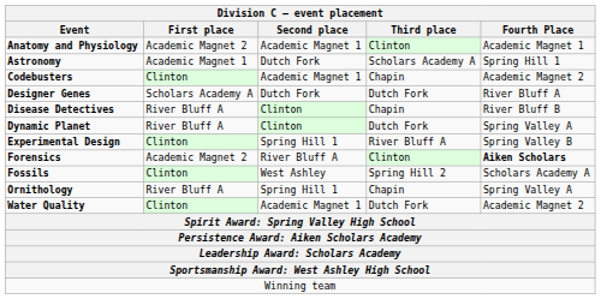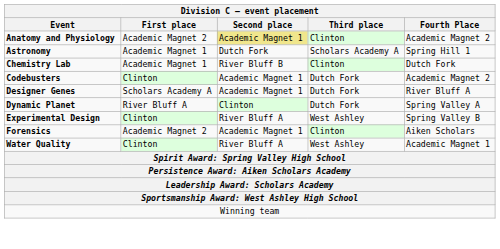 <table class="wikitable collapsible collapsed" style="float:left; width:780px">
 <tr>
 <th colspan=5>Division C – event placement</th>
 </tr>
 <tr>
 <th>Event</th>
 <th>First place</th>
 <th>Second place</th>
 <th>Third place</th>
 <th>Fourth Place</th>
 </tr>
 <tr>
 <td><strong>Anatomy and Physiology</strong></td>
 <td>Academic Magnet 2</td>
-<td>Academic Magnet 1</td>
+<td style="background: khaki;">Academic Magnet 1</td>
 <td style="background:#ddffdd">Clinton</td>
-<td>Academic Magnet 1</td>
+<td>Academic Magnet 2</td>
 </tr>
 <tr>
 <td><strong>Astronomy</strong></td>
 <td>Academic Magnet 1</td>
 <td>Dutch Fork</td>
 <td>Scholars Academy A</td>
 <td>Spring Hill 1</td>
 </tr>
 <tr>
+<td><strong>Chemistry Lab</strong></td>
+<td>Academic Magnet 1</td>
+<td>River Bluff B</td>
+<td style="background:#ddffdd">Clinton</td>
+<td>Dutch Fork</td>
+</tr>
+<tr>
 <td><strong>Codebusters</strong></td>
 <td style="background:#ddffdd">Clinton</td>
 <td>Academic Magnet 1</td>
-<td>Chapin</td>
+<td>Dutch Fork</td>
 <td>Academic Magnet 2</td>
 </tr>
 <tr>
 <td><strong>Designer Genes</strong></td>
 <td>Scholars Academy A</td>
-<td>Dutch Fork</td>
+<td>Academic Magnet 1</td>
 <td>Dutch Fork</td>
 <td>River Bluff A</td>
-</tr>
-<tr>
-<td><strong>Disease Detectives</strong></td>
-<td>River Bluff A</td>
-<td style="background:#ddffdd">Clinton</td>
-<td>Chapin</td>
-<td>River Bluff B</td>
 </tr>
 <tr>
 <td><strong>Dynamic Planet</strong></td>
 <td>River Bluff A</td>
 <td style="background:#ddffdd">Clinton</td>
 <td>Dutch Fork</td>
 <td>Spring Valley A</td>
 </tr>
 <tr>
 <td><strong>Experimental Design</strong></td>
 <td style="background:#ddffdd">Clinton</td>
-<td>Spring Hill 1</td>
 <td>River Bluff A</td>
+<td>West Ashley</td>
 <td>Spring Valley B</td>
 </tr>
 <tr>
 <td><strong>Forensics</strong></td>
 <td>Academic Magnet 2</td>
-<td>River Bluff A</td>
+<td>Academic Magnet 1</td>
 <td style="background:#ddffdd">Clinton</td>
-<td><strong>Aiken Scholars</strong></td>
-</tr>
-<tr>
-<td><strong>Fossils</strong></td>
-<td style="background:#ddffdd">Clinton</td>
-<td>West Ashley</td>
-<td>Spring Hill 2</td>
-<td>Scholars Academy A</td>
-</tr>
-<tr>
-<td><strong>Ornithology</strong></td>
-<td>River Bluff A</td>
-<td>Spring Hill 1</td>
-<td>Chapin</td>
-<td>Spring Valley A</td>
+<td>Aiken Scholars</td>
 </tr>
 <tr>
 <td><strong>Water Quality</strong></td>
 <td style="background:#ddffdd">Clinton</td>
+<td>River Bluff A</td>
+<td>West Ashley</td>
 <td>Academic Magnet 1</td>
-<td>Dutch Fork</td>
-<td>Academic Magnet 2</td>
 </tr>
 <tr>
 <th colspan=5><em>Spirit Award: Spring Valley High School</em></th>
 </tr>
 <tr>
 <th colspan=5><em>Persistence Award: Aiken Scholars Academy</em></th>
 </tr>
 <tr>
 <th colspan=5><em>Leadership Award: Scholars Academy</em></th>
 </tr>
 <tr>
 <th colspan=5><em>Sportsmanship Award: West Ashley High School</em></th>
 </tr>
 <tr>
 <td colspan=5 style=text-align:center> Winning team</td>
 </tr>
 </table>
